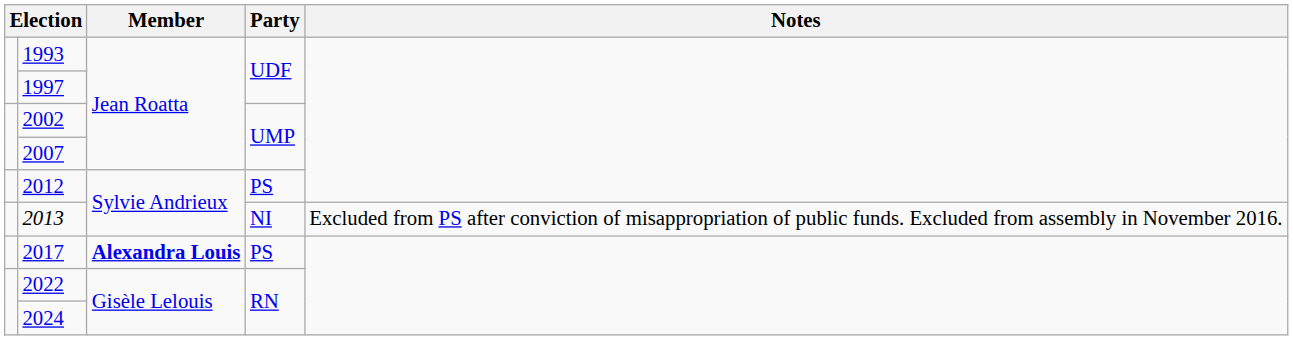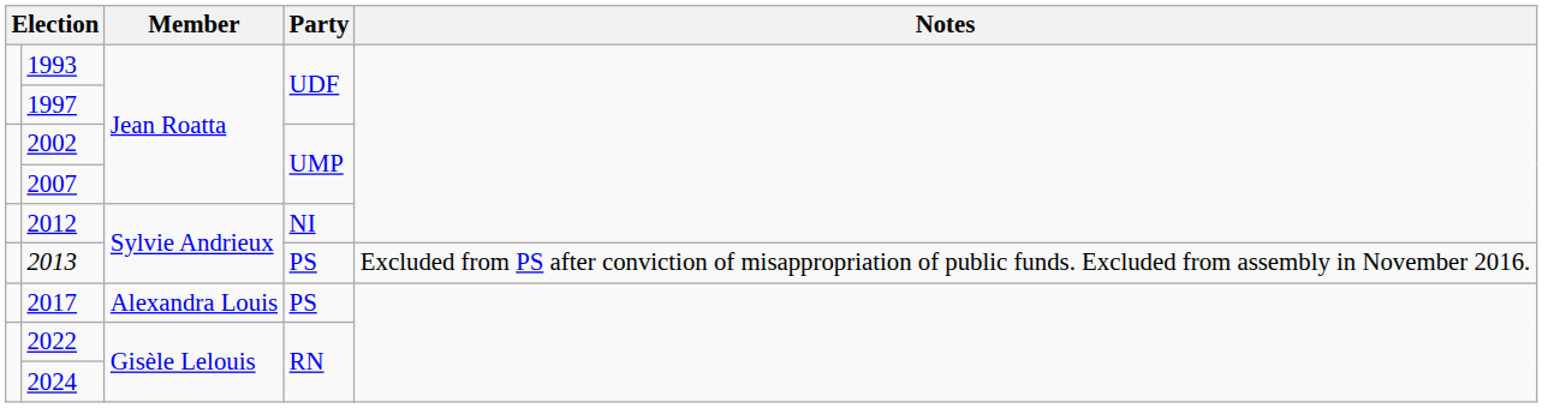 <table class="wikitable">
 <tr>
 <th colspan="2">Election</th>
 <th>Member</th>
 <th>Party</th>
 <th>Notes</th>
 </tr>
 <tr>
 <td rowspan=2 style="background-color: "></td>
 <td><a href='#'>1993</a></td>
 <td rowspan=4><a href='#'>Jean Roatta</a></td>
 <td rowspan=2><a href='#'>UDF</a></td>
 </tr>
 <tr>
 <td><a href='#'>1997</a></td>
 </tr>
 <tr>
 <td rowspan=2 style="background-color: "></td>
 <td><a href='#'>2002</a></td>
 <td rowspan=2><a href='#'>UMP</a></td>
 </tr>
 <tr>
 <td><a href='#'>2007</a></td>
 </tr>
 <tr>
 <td style="color:inherit;background-color: "></td>
 <td><a href='#'>2012</a></td>
 <td rowspan=2><a href='#'>Sylvie Andrieux</a></td>
-<td><a href='#'>PS</a></td>
+<td><a href='#'>NI</a></td>
 </tr>
 <tr>
 <td style="color:inherit;background-color: "></td>
 <td><em>2013</em></td>
-<td><a href='#'>NI</a></td>
+<td><a href='#'>PS</a></td>
 <td>Excluded from <a href='#'>PS</a> after conviction of misappropriation of public funds. Excluded from assembly in November 2016.</td>
 </tr>
 <tr>
 <td style="color:inherit;background-color: "></td>
 <td><a href='#'>2017</a></td>
-<td><strong><a href='#'>Alexandra Louis</a></strong></td>
+<td><a href='#'>Alexandra Louis</a></td>
 <td><a href='#'>PS</a></td>
 </tr>
 <tr>
 <td rowspan=2 style="color:inherit;background-color: "></td>
 <td><a href='#'>2022</a></td>
 <td rowspan=2><a href='#'>Gisèle Lelouis</a></td>
 <td rowspan=2><a href='#'>RN</a></td>
 </tr>
 <tr>
 <td><a href='#'>2024</a></td>
 </tr>
 </table>
